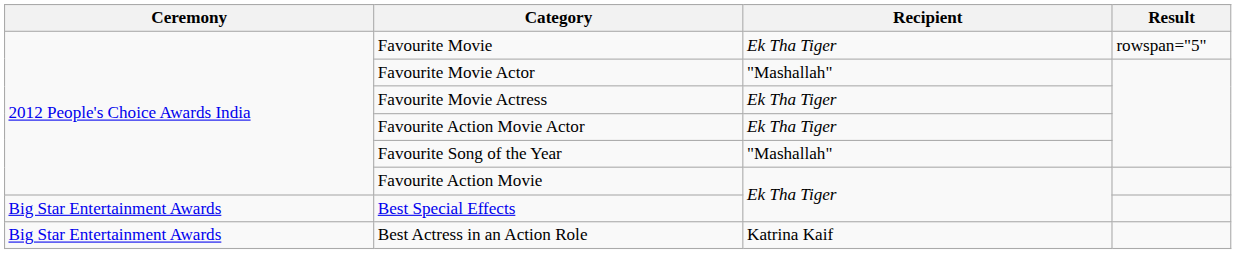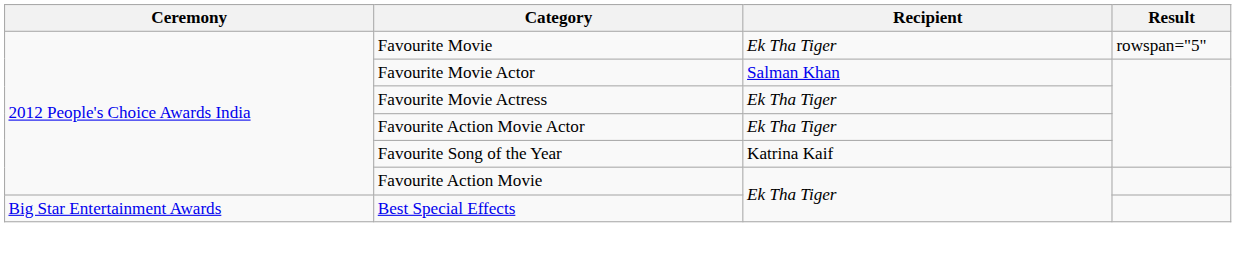 <table class="wikitable sortable">
 <tr>
 <th style="width:25%;" scope="col">Ceremony</th>
 <th style="width:25%;" scope="col">Category</th>
 <th style="width:25%;" scope="col">Recipient</th>
 <th style="width:8%;" scope="col">Result</th>
 </tr>
 <tr>
 <td rowspan="6"><a href='#'>2012 People's Choice Awards India</a></td>
 <td>Favourite Movie</td>
 <td><em>Ek Tha Tiger</em></td>
 <td>rowspan="5" </td>
 </tr>
 <tr>
 <td>Favourite Movie Actor</td>
-<td>"Mashallah"</td>
+<td><a href='#'>Salman Khan</a></td>
 </tr>
 <tr>
 <td>Favourite Movie Actress</td>
 <td><em>Ek Tha Tiger</em></td>
 </tr>
 <tr>
 <td>Favourite Action Movie Actor</td>
 <td><em>Ek Tha Tiger</em></td>
 </tr>
 <tr>
 <td>Favourite Song of the Year</td>
-<td>"Mashallah"</td>
+<td>Katrina Kaif</td>
 </tr>
 <tr>
 <td>Favourite Action Movie</td>
 <td rowspan="2"><em>Ek Tha Tiger</em></td>
 <td></td>
 </tr>
 <tr>
 <td><a href='#'>Big Star Entertainment Awards</a></td>
 <td><a href='#'>Best Special Effects</a></td>
 <td></td>
 </tr>
-<tr>
-<td><a href='#'>Big Star Entertainment Awards</a></td>
-<td>Best Actress in an Action Role</td>
-<td>Katrina Kaif</td>
-<td></td>
-</tr>
 </table>
